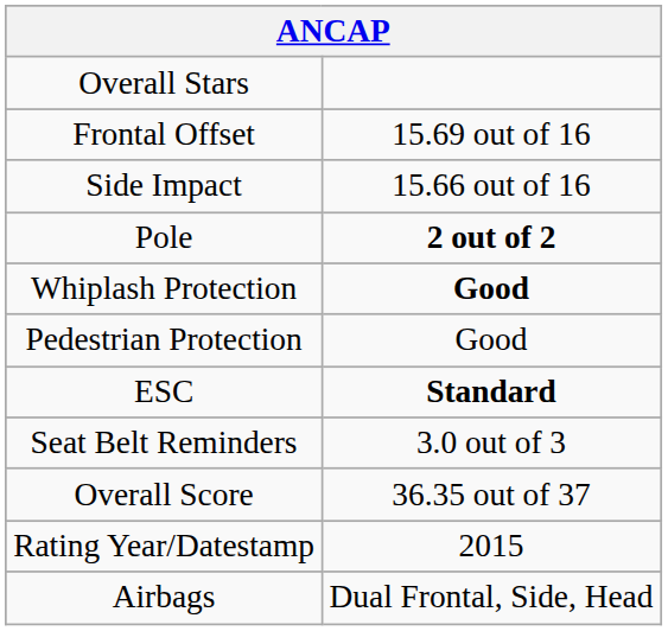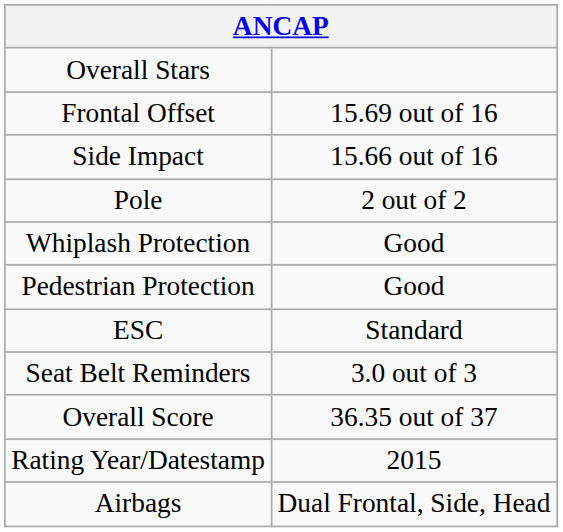 <table class="wikitable"style="text-align:center">
 <tr>
 <th colspan="2"><a href='#'>ANCAP</a></th>
 </tr>
 <tr>
 <td>Overall Stars</td>
 <td></td>
 </tr>
 <tr>
 <td>Frontal Offset</td>
 <td>15.69 out of 16</td>
 </tr>
 <tr>
 <td>Side Impact</td>
 <td>15.66 out of 16</td>
 </tr>
 <tr>
 <td>Pole</td>
-<td><strong>2 out of 2</strong></td>
+<td>2 out of 2</td>
 </tr>
 <tr>
 <td>Whiplash Protection</td>
-<td><strong>Good</strong></td>
+<td>Good</td>
 </tr>
 <tr>
 <td>Pedestrian Protection</td>
 <td>Good</td>
 </tr>
 <tr>
 <td>ESC</td>
-<td><strong>Standard</strong></td>
+<td>Standard</td>
 </tr>
 <tr>
 <td>Seat Belt Reminders</td>
 <td>3.0 out of 3</td>
 </tr>
 <tr>
 <td>Overall Score</td>
 <td>36.35 out of 37</td>
 </tr>
 <tr>
 <td>Rating Year/Datestamp</td>
 <td>2015</td>
 </tr>
 <tr>
 <td>Airbags</td>
 <td>Dual Frontal, Side, Head</td>
 </tr>
 </table>
